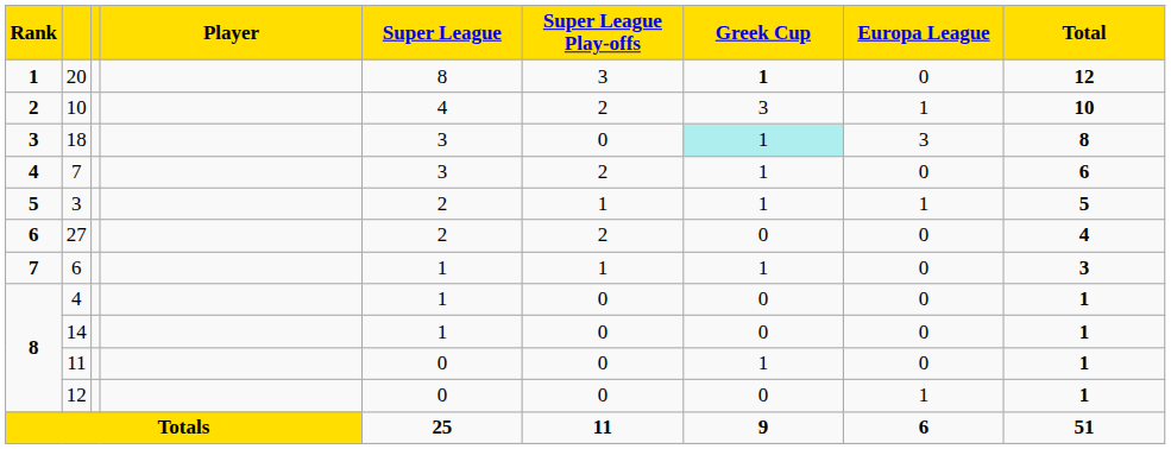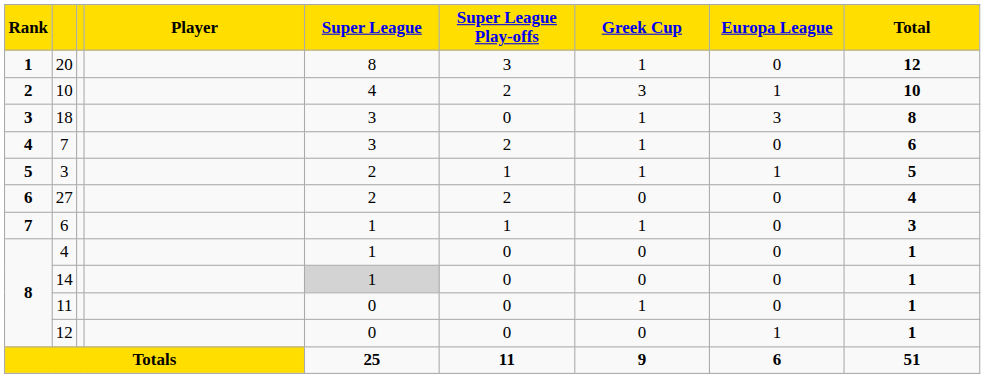 <table class="wikitable sortable" style="text-align: center">
 <tr>
 <th style="background:#FFDE00">Rank</th>
 <th style="background:#FFDE00"></th>
 <th style="background:#FFDE00"></th>
 <th width=200 style="background:#FFDE00">Player</th>
 <th width=120 style="background:#FFDE00"><a href='#'>Super League</a></th>
 <th width=120 style="background:#FFDE00"><a href='#'>Super League Play-offs</a></th>
 <th width=120 style="background:#FFDE00"><a href='#'>Greek Cup</a></th>
 <th width=120 style="background:#FFDE00"><a href='#'>Europa League</a></th>
 <th width=120 style="background:#FFDE00">Total</th>
 </tr>
 <tr>
 <td><strong>1</strong></td>
 <td>20</td>
 <td></td>
 <td align=left></td>
 <td>8</td>
 <td>3</td>
-<td><strong>1</strong></td>
+<td>1</td>
 <td>0</td>
 <td><strong>12</strong></td>
 </tr>
 <tr>
 <td><strong>2</strong></td>
 <td>10</td>
 <td></td>
 <td align=left></td>
 <td>4</td>
 <td>2</td>
 <td>3</td>
 <td>1</td>
 <td><strong>10</strong></td>
 </tr>
 <tr>
 <td><strong>3</strong></td>
 <td>18</td>
 <td></td>
 <td align=left></td>
 <td>3</td>
 <td>0</td>
-<td style="background: paleturquoise;">1</td>
+<td>1</td>
 <td>3</td>
 <td><strong>8</strong></td>
 </tr>
 <tr>
 <td><strong>4</strong></td>
 <td>7</td>
 <td></td>
 <td align=left></td>
 <td>3</td>
 <td>2</td>
 <td>1</td>
 <td>0</td>
 <td><strong>6</strong></td>
 </tr>
 <tr>
 <td><strong>5</strong></td>
 <td>3</td>
 <td></td>
 <td align=left></td>
 <td>2</td>
 <td>1</td>
 <td>1</td>
 <td>1</td>
 <td><strong>5</strong></td>
 </tr>
 <tr>
 <td><strong>6</strong></td>
 <td>27</td>
 <td></td>
 <td align=left></td>
 <td>2</td>
 <td>2</td>
 <td>0</td>
 <td>0</td>
 <td><strong>4</strong></td>
 </tr>
 <tr>
 <td><strong>7</strong></td>
 <td>6</td>
 <td></td>
 <td align=left></td>
 <td>1</td>
 <td>1</td>
 <td>1</td>
 <td>0</td>
 <td><strong>3</strong></td>
 </tr>
 <tr>
 <td rowspan=4><strong>8</strong></td>
 <td>4</td>
 <td></td>
 <td align=left></td>
 <td>1</td>
 <td>0</td>
 <td>0</td>
 <td>0</td>
 <td><strong>1</strong></td>
 </tr>
 <tr>
 <td>14</td>
 <td></td>
 <td align=left></td>
-<td>1</td>
+<td style="background: lightgrey;">1</td>
 <td>0</td>
 <td>0</td>
 <td>0</td>
 <td><strong>1</strong></td>
 </tr>
 <tr>
 <td>11</td>
 <td></td>
 <td align=left></td>
 <td>0</td>
 <td>0</td>
 <td>1</td>
 <td>0</td>
 <td><strong>1</strong></td>
 </tr>
 <tr>
 <td>12</td>
 <td></td>
 <td align=left></td>
 <td>0</td>
 <td>0</td>
 <td>0</td>
 <td>1</td>
 <td><strong>1</strong></td>
 </tr>
 <tr class="sortbottom">
 <th colspan=4 style="background:#FFDE00"><strong>Totals</strong></th>
 <td><strong>25</strong></td>
 <td><strong>11</strong></td>
 <td><strong> 9</strong></td>
 <td><strong> 6</strong></td>
 <td><strong>51</strong></td>
 </tr>
 </table>
